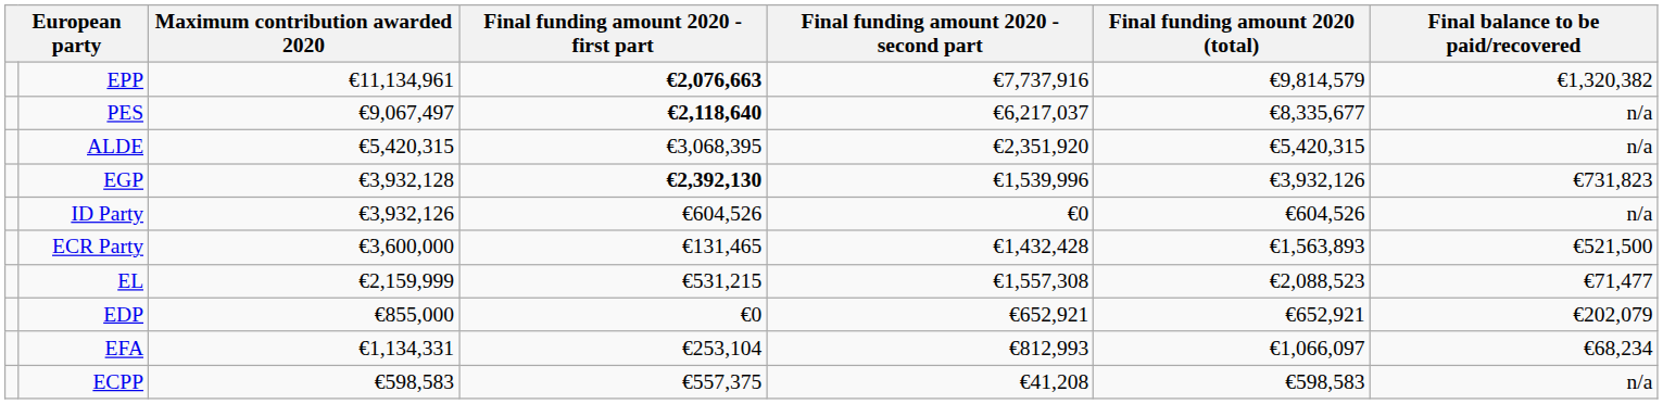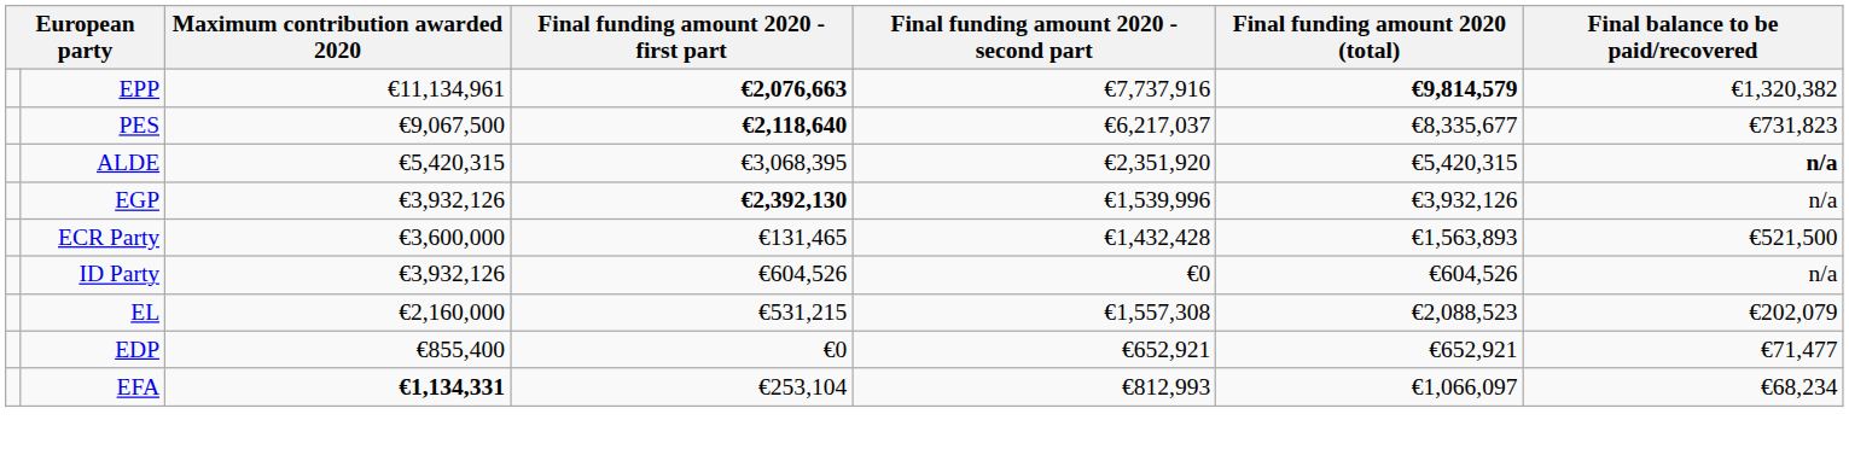 <table class="wikitable centre sortable" style=text-align:right>
 <tr>
 <th colspan="2">European party</th>
 <th>Maximum contribution awarded 2020</th>
 <th>Final funding amount 2020 - first part</th>
 <th>Final funding amount 2020 - second part</th>
 <th>Final funding amount 2020 (total)</th>
 <th>Final balance to be paid/recovered</th>
 </tr>
 <tr>
 <td></td>
 <td><a href='#'>EPP</a></td>
 <td>€11,134,961</td>
 <td><strong>€2,076,663</strong></td>
 <td>€7,737,916</td>
-<td>€9,814,579</td>
+<td><strong>€9,814,579</strong></td>
 <td>€1,320,382</td>
 </tr>
 <tr>
 <td></td>
 <td><a href='#'>PES</a></td>
-<td>€9,067,497</td>
+<td>€9,067,500</td>
 <td><strong>€2,118,640</strong></td>
 <td>€6,217,037</td>
 <td>€8,335,677</td>
-<td>n/a</td>
+<td>€731,823</td>
 </tr>
 <tr>
 <td></td>
 <td><a href='#'>ALDE</a></td>
 <td>€5,420,315</td>
 <td>€3,068,395</td>
 <td>€2,351,920</td>
 <td>€5,420,315</td>
-<td>n/a</td>
+<td><strong>n/a</strong></td>
 </tr>
 <tr>
 <td></td>
 <td><a href='#'>EGP</a></td>
-<td>€3,932,128</td>
+<td>€3,932,126</td>
 <td><strong>€2,392,130</strong></td>
 <td>€1,539,996</td>
 <td>€3,932,126</td>
-<td>€731,823</td>
-</tr>
-<tr>
-<td></td>
-<td><a href='#'>ID Party</a></td>
-<td>€3,932,126</td>
-<td>€604,526</td>
-<td>€0</td>
-<td>€604,526</td>
 <td>n/a</td>
 </tr>
 <tr>
 <td></td>
 <td><a href='#'>ECR Party</a></td>
 <td>€3,600,000</td>
 <td>€131,465</td>
 <td>€1,432,428</td>
 <td>€1,563,893</td>
 <td>€521,500</td>
 </tr>
 <tr>
 <td></td>
+<td><a href='#'>ID Party</a></td>
+<td>€3,932,126</td>
+<td>€604,526</td>
+<td>€0</td>
+<td>€604,526</td>
+<td>n/a</td>
+</tr>
+<tr>
+<td></td>
 <td><a href='#'>EL</a></td>
-<td>€2,159,999</td>
+<td>€2,160,000</td>
 <td>€531,215</td>
 <td>€1,557,308</td>
 <td>€2,088,523</td>
+<td>€202,079</td>
+</tr>
+<tr>
+<td></td>
+<td><a href='#'>EDP</a></td>
+<td>€855,400</td>
+<td>€0</td>
+<td>€652,921</td>
+<td>€652,921</td>
 <td>€71,477</td>
 </tr>
 <tr>
 <td></td>
-<td><a href='#'>EDP</a></td>
-<td>€855,000</td>
-<td>€0</td>
-<td>€652,921</td>
-<td>€652,921</td>
-<td>€202,079</td>
-</tr>
-<tr>
-<td></td>
 <td><a href='#'>EFA</a></td>
-<td>€1,134,331</td>
+<td><strong>€1,134,331</strong></td>
 <td>€253,104</td>
 <td>€812,993</td>
 <td>€1,066,097</td>
 <td>€68,234</td>
 </tr>
-<tr>
-<td></td>
-<td><a href='#'>ECPP</a></td>
-<td>€598,583</td>
-<td>€557,375</td>
-<td>€41,208</td>
-<td>€598,583</td>
-<td>n/a</td>
-</tr>
 </table>
